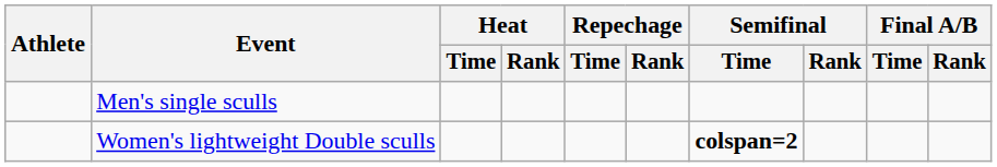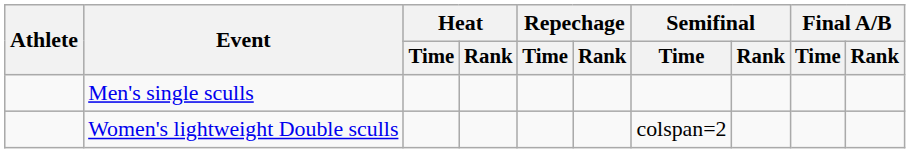 <table class=wikitable style=font-size:90%;text-align:center>
 <tr>
 <th rowspan=2>Athlete</th>
 <th rowspan=2>Event</th>
 <th colspan=2>Heat</th>
 <th colspan=2>Repechage</th>
 <th colspan=2>Semifinal</th>
 <th colspan=2>Final A/B</th>
 </tr>
 <tr style=font-size:95%>
 <th>Time</th>
 <th>Rank</th>
 <th>Time</th>
 <th>Rank</th>
 <th>Time</th>
 <th>Rank</th>
 <th>Time</th>
 <th>Rank</th>
 </tr>
 <tr>
 <td align=left></td>
 <td align=left><a href='#'>Men's single sculls</a></td>
 <td></td>
 <td></td>
 <td></td>
 <td></td>
 <td></td>
 <td></td>
 <td></td>
 <td></td>
 </tr>
 <tr>
 <td align=left></td>
 <td align=left><a href='#'>Women's lightweight Double sculls</a></td>
 <td></td>
 <td></td>
 <td></td>
 <td></td>
-<td><strong>colspan=2 </strong></td>
+<td>colspan=2 </td>
 <td></td>
 <td></td>
 </tr>
 </table>
